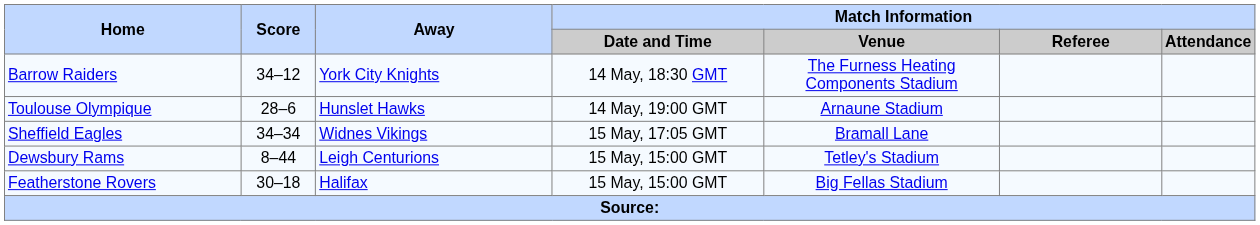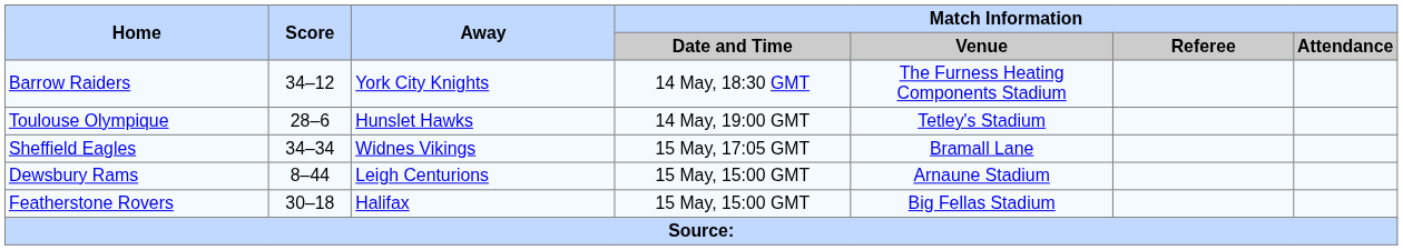 <table border=1 style="border-collapse:collapse; text-align:center;" cellpadding=3 cellspacing=0 width=100%>
 <tr bgcolor=#C1D8FF>
 <th rowspan=2 width=19%>Home</th>
 <th rowspan=2 width=6%>Score</th>
 <th rowspan=2 width=19%>Away</th>
 <th colspan=6>Match Information</th>
 </tr>
 <tr bgcolor=#CCCCCC>
 <th width=17%>Date and Time</th>
 <th width=19%>Venue</th>
 <th width=13%>Referee</th>
 <th width=7%>Attendance</th>
 </tr>
 <tr bgcolor=#F5FAFF>
 <td align=left> <a href='#'>Barrow Raiders</a></td>
 <td>34–12</td>
 <td align=left> <a href='#'>York City Knights</a></td>
 <td>14 May, 18:30 <a href='#'>GMT</a></td>
 <td><a href='#'>The Furness Heating Components Stadium</a></td>
 <td></td>
 <td></td>
 </tr>
 <tr bgcolor=#F5FAFF>
 <td align=left> <a href='#'>Toulouse Olympique</a></td>
 <td>28–6</td>
 <td align=left> <a href='#'>Hunslet Hawks</a></td>
 <td>14 May, 19:00 GMT</td>
-<td><a href='#'>Arnaune Stadium</a></td>
+<td><a href='#'>Tetley's Stadium</a></td>
 <td></td>
 <td></td>
 </tr>
 <tr bgcolor=#F5FAFF>
 <td align=left> <a href='#'>Sheffield Eagles</a></td>
 <td>34–34</td>
 <td align=left> <a href='#'>Widnes Vikings</a></td>
 <td>15 May, 17:05 GMT</td>
 <td><a href='#'>Bramall Lane</a></td>
 <td></td>
 <td></td>
 </tr>
 <tr bgcolor=#F5FAFF>
 <td align=left> <a href='#'>Dewsbury Rams</a></td>
 <td>8–44</td>
 <td align=left> <a href='#'>Leigh Centurions</a></td>
 <td>15 May, 15:00 GMT</td>
-<td><a href='#'>Tetley's Stadium</a></td>
+<td><a href='#'>Arnaune Stadium</a></td>
 <td></td>
 <td></td>
 </tr>
 <tr bgcolor=#F5FAFF>
 <td align=left> <a href='#'>Featherstone Rovers</a></td>
 <td>30–18</td>
 <td align=left> <a href='#'>Halifax</a></td>
 <td>15 May, 15:00 GMT</td>
 <td><a href='#'>Big Fellas Stadium</a></td>
 <td></td>
 <td></td>
 </tr>
 <tr bgcolor=#C1D8FF>
 <th colspan=12>Source:</th>
 </tr>
 </table>
